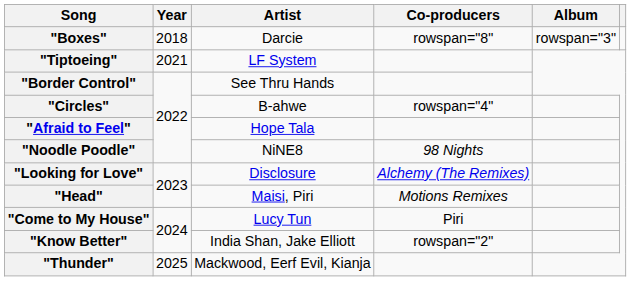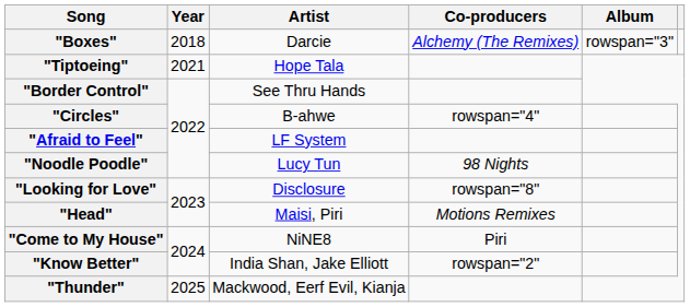 <table class="wikitable plainrowheaders" style="text-align:center;">
 <tr>
 <th scope="col">Song</th>
 <th scope="col">Year</th>
 <th scope="col">Artist</th>
 <th>Co-producers</th>
 <th>Album</th>
 <th scope="col"></th>
 </tr>
 <tr>
 <th scope="row">"Boxes"</th>
 <td>2018</td>
 <td>Darcie</td>
-<td>rowspan="8" </td>
+<td><a href='#'><em>Alchemy (The Remixes)</em></a></td>
 <td>rowspan="3" </td>
 <td></td>
 </tr>
 <tr>
 <th scope="row">"Tiptoeing"</th>
 <td>2021</td>
-<td><a href='#'>LF System</a></td>
+<td><a href='#'>Hope Tala</a></td>
 <td></td>
 </tr>
 <tr>
 <th scope="row">"Border Control"</th>
 <td rowspan="4">2022</td>
 <td>See Thru Hands</td>
 <td></td>
 </tr>
 <tr>
 <th scope="row">"Circles"</th>
 <td>B-ahwe</td>
 <td>rowspan="4" </td>
 <td></td>
 </tr>
 <tr>
 <th scope="row">"<a href='#'>Afraid to Feel</a>"</th>
-<td><a href='#'>Hope Tala</a></td>
+<td><a href='#'>LF System</a></td>
 <td></td>
 <td></td>
 </tr>
 <tr>
 <th scope="row">"Noodle Poodle"</th>
-<td>NiNE8</td>
+<td><a href='#'>Lucy Tun</a></td>
 <td><em>98 Nights</em></td>
 <td></td>
 </tr>
 <tr>
 <th scope="row">"Looking for Love"</th>
 <td rowspan="2">2023</td>
 <td><a href='#'>Disclosure</a></td>
-<td><a href='#'><em>Alchemy (The Remixes)</em></a></td>
+<td>rowspan="8" </td>
 <td></td>
 </tr>
 <tr>
 <th scope="row">"Head"</th>
 <td><a href='#'>Maisi</a>, Piri</td>
 <td><em>Motions Remixes</em></td>
 <td></td>
 </tr>
 <tr>
 <th scope="row">"Come to My House"</th>
 <td rowspan="2">2024</td>
-<td><a href='#'>Lucy Tun</a></td>
+<td>NiNE8</td>
 <td>Piri</td>
 <td></td>
 </tr>
 <tr>
 <th scope="row">"Know Better"</th>
 <td>India Shan, Jake Elliott</td>
 <td>rowspan="2" </td>
 <td></td>
 </tr>
 <tr>
 <th scope="row">"Thunder"</th>
 <td>2025</td>
 <td>Mackwood, Eerf Evil, Kianja</td>
 <td></td>
 </tr>
 </table>
